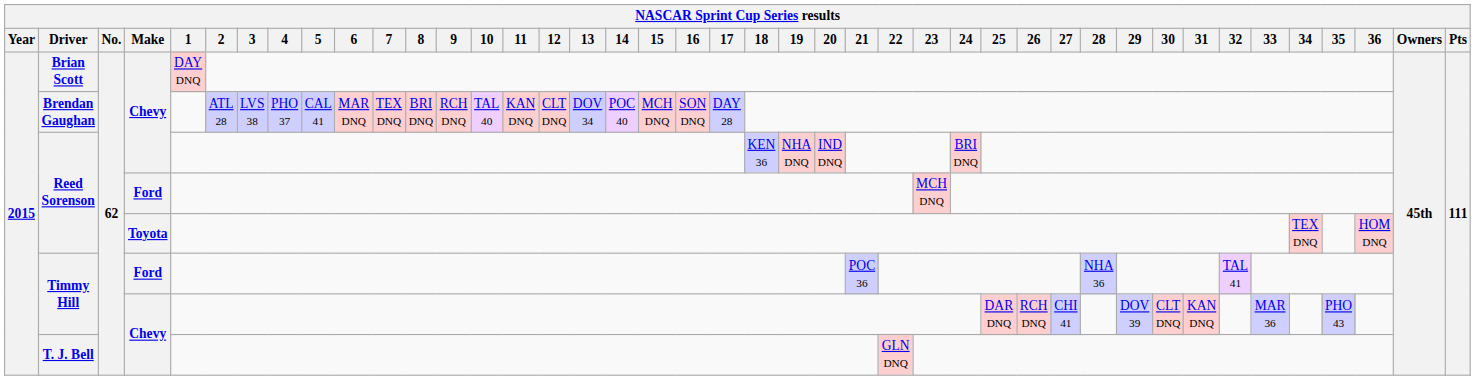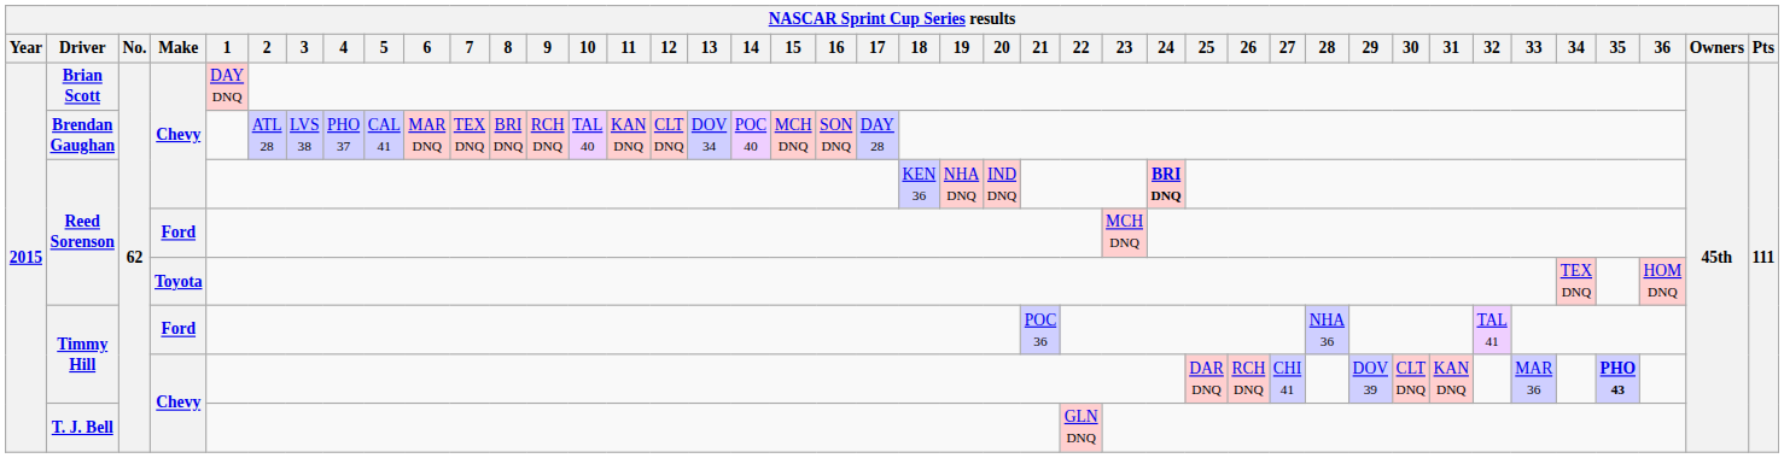 <table class="wikitable" style="text-align:center; font-size:75%">
 <tr>
 <th colspan=45><a href='#'>NASCAR Sprint Cup Series</a> results</th>
 </tr>
 <tr>
 <th>Year</th>
 <th>Driver</th>
 <th>No.</th>
 <th>Make</th>
 <th>1</th>
 <th>2</th>
 <th>3</th>
 <th>4</th>
 <th>5</th>
 <th>6</th>
 <th>7</th>
 <th>8</th>
 <th>9</th>
 <th>10</th>
 <th>11</th>
 <th>12</th>
 <th>13</th>
 <th>14</th>
 <th>15</th>
 <th>16</th>
 <th>17</th>
 <th>18</th>
 <th>19</th>
 <th>20</th>
 <th>21</th>
 <th>22</th>
 <th>23</th>
 <th>24</th>
 <th>25</th>
 <th>26</th>
 <th>27</th>
 <th>28</th>
 <th>29</th>
 <th>30</th>
 <th>31</th>
 <th>32</th>
 <th>33</th>
 <th>34</th>
 <th>35</th>
 <th>36</th>
 <th>Owners</th>
 <th>Pts</th>
 </tr>
 <tr>
 <th rowspan=8><a href='#'>2015</a></th>
 <th><a href='#'>Brian Scott</a></th>
 <th rowspan=8>62</th>
 <th rowspan=3><a href='#'>Chevy</a></th>
 <td style="background:#FFCFCF;"><a href='#'>DAY</a><br><small>DNQ</small></td>
 <td colspan=35></td>
 <th rowspan=8>45th</th>
 <th rowspan=8>111</th>
 </tr>
 <tr>
 <th><a href='#'>Brendan Gaughan</a></th>
 <td></td>
 <td style="background:#CFCFFF;"><a href='#'>ATL</a><br><small>28</small></td>
 <td style="background:#CFCFFF;"><a href='#'>LVS</a><br><small>38</small></td>
 <td style="background:#CFCFFF;"><a href='#'>PHO</a><br><small>37</small></td>
 <td style="background:#CFCFFF;"><a href='#'>CAL</a><br><small>41</small></td>
 <td style="background:#FFCFCF;"><a href='#'>MAR</a><br><small>DNQ</small></td>
 <td style="background:#FFCFCF;"><a href='#'>TEX</a><br><small>DNQ</small></td>
 <td style="background:#FFCFCF;"><a href='#'>BRI</a><br><small>DNQ</small></td>
 <td style="background:#FFCFCF;"><a href='#'>RCH</a><br><small>DNQ</small></td>
 <td style="background:#EFCFFF;"><a href='#'>TAL</a><br><small>40</small></td>
 <td style="background:#FFCFCF;"><a href='#'>KAN</a><br><small>DNQ</small></td>
 <td style="background:#FFCFCF;"><a href='#'>CLT</a><br><small>DNQ</small></td>
 <td style="background:#CFCFFF;"><a href='#'>DOV</a><br><small>34</small></td>
 <td style="background:#EFCFFF;"><a href='#'>POC</a><br><small>40</small></td>
 <td style="background:#FFCFCF;"><a href='#'>MCH</a><br><small>DNQ</small></td>
 <td style="background:#FFCFCF;"><a href='#'>SON</a><br><small>DNQ</small></td>
 <td style="background:#CFCFFF;"><a href='#'>DAY</a><br><small>28</small></td>
 <td colspan=19></td>
 </tr>
 <tr>
 <th rowspan=3><a href='#'>Reed Sorenson</a></th>
 <td colspan=17></td>
 <td style="background:#CFCFFF;"><a href='#'>KEN</a><br><small>36</small></td>
 <td style="background:#FFCFCF;"><a href='#'>NHA</a><br><small>DNQ</small></td>
 <td style="background:#FFCFCF;"><a href='#'>IND</a><br><small>DNQ</small></td>
 <td colspan=3></td>
-<td style="background:#FFCFCF;"><a href='#'>BRI</a><br><small>DNQ</small></td>
+<td style="background:#FFCFCF;"><strong><a href='#'>BRI</a><br><small>DNQ</small></strong></td>
 <td colspan=12></td>
 </tr>
 <tr>
 <th><a href='#'>Ford</a></th>
 <td colspan=22></td>
 <td style="background:#FFCFCF;"><a href='#'>MCH</a><br><small>DNQ</small></td>
 <td colspan=13></td>
 </tr>
 <tr>
 <th><a href='#'>Toyota</a></th>
 <td colspan=33></td>
 <td style="background:#FFCFCF;"><a href='#'>TEX</a><br><small>DNQ</small></td>
 <td></td>
 <td style="background:#FFCFCF;"><a href='#'>HOM</a><br><small>DNQ</small></td>
 </tr>
 <tr>
 <th rowspan=2><a href='#'>Timmy Hill</a></th>
 <th><a href='#'>Ford</a></th>
 <td colspan=20></td>
 <td style="background:#CFCFFF;"><a href='#'>POC</a><br><small>36</small></td>
 <td colspan=6></td>
 <td style="background:#CFCFFF;"><a href='#'>NHA</a><br><small>36</small></td>
 <td colspan=3></td>
 <td style="background:#EFCFFF;"><a href='#'>TAL</a><br><small>41</small></td>
 <td colspan=4></td>
 </tr>
 <tr>
 <th rowspan=2><a href='#'>Chevy</a></th>
 <td colspan=24></td>
 <td style="background:#FFCFCF;"><a href='#'>DAR</a><br><small>DNQ</small></td>
 <td style="background:#FFCFCF;"><a href='#'>RCH</a><br><small>DNQ</small></td>
 <td style="background:#CFCFFF;"><a href='#'>CHI</a><br><small>41</small></td>
 <td></td>
 <td style="background:#CFCFFF;"><a href='#'>DOV</a><br><small>39</small></td>
 <td style="background:#FFCFCF;"><a href='#'>CLT</a><br><small>DNQ</small></td>
 <td style="background:#FFCFCF;"><a href='#'>KAN</a><br><small>DNQ</small></td>
 <td></td>
 <td style="background:#CFCFFF;"><a href='#'>MAR</a><br><small>36</small></td>
 <td></td>
-<td style="background:#CFCFFF;"><a href='#'>PHO</a><br><small>43</small></td>
+<td style="background:#CFCFFF;"><strong><a href='#'>PHO</a><br><small>43</small></strong></td>
 <td></td>
 </tr>
 <tr>
 <th><a href='#'>T. J. Bell</a></th>
 <td colspan=21></td>
 <td style="background:#FFCFCF;"><a href='#'>GLN</a><br><small>DNQ</small></td>
 <td colspan=14></td>
 </tr>
 </table>
